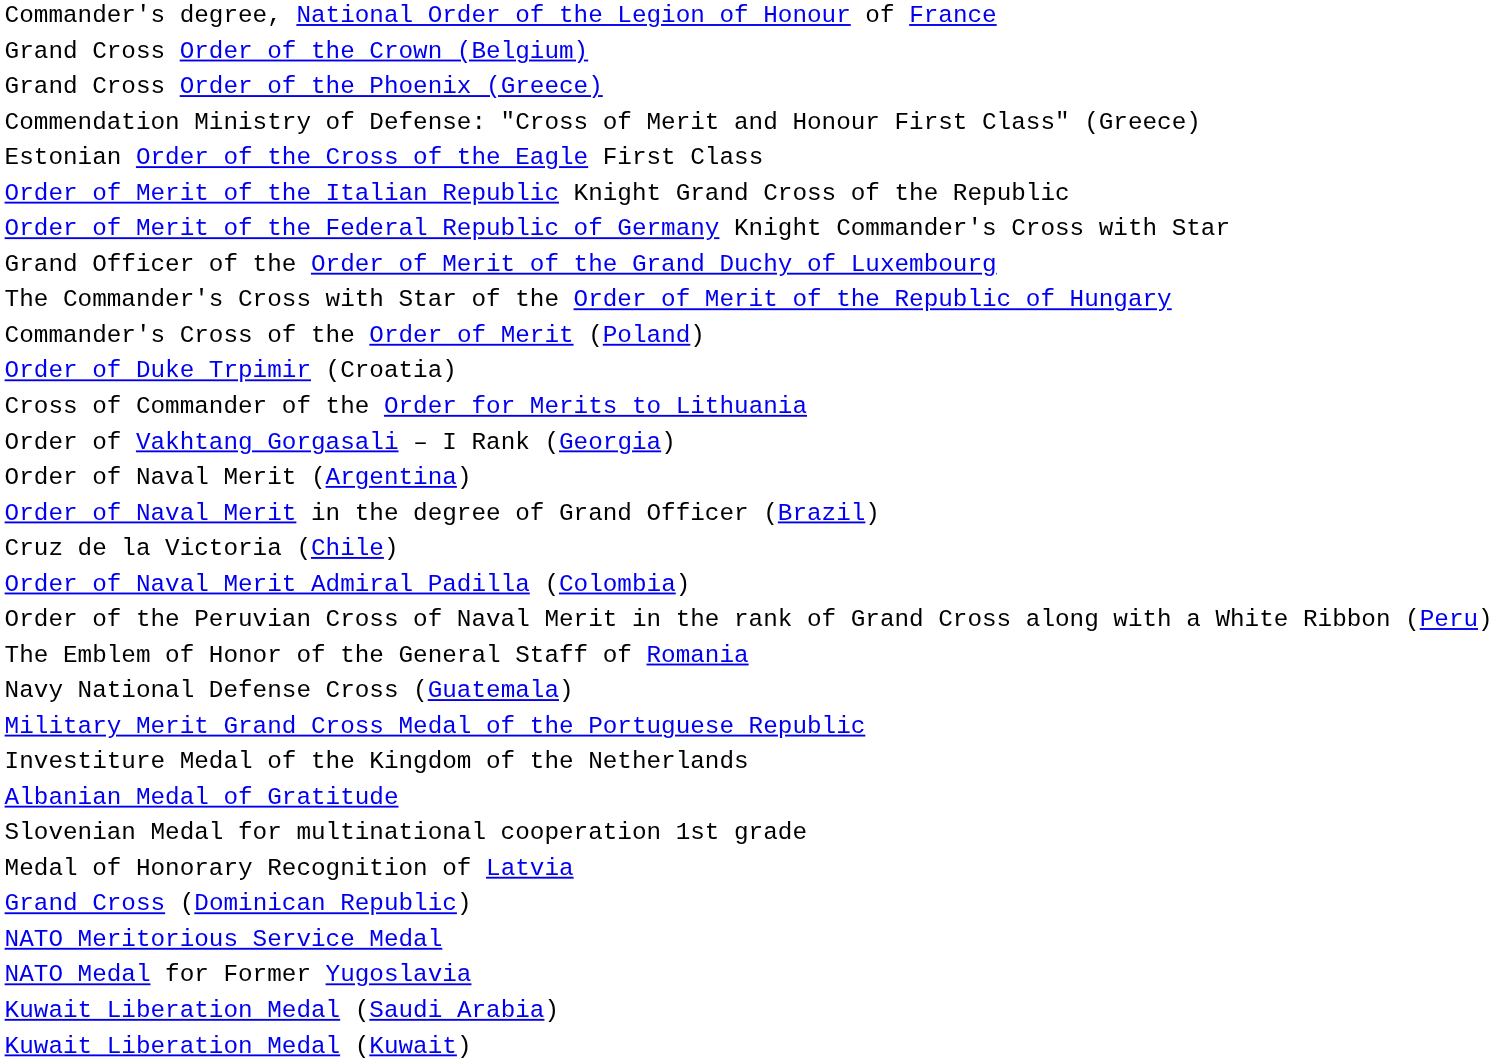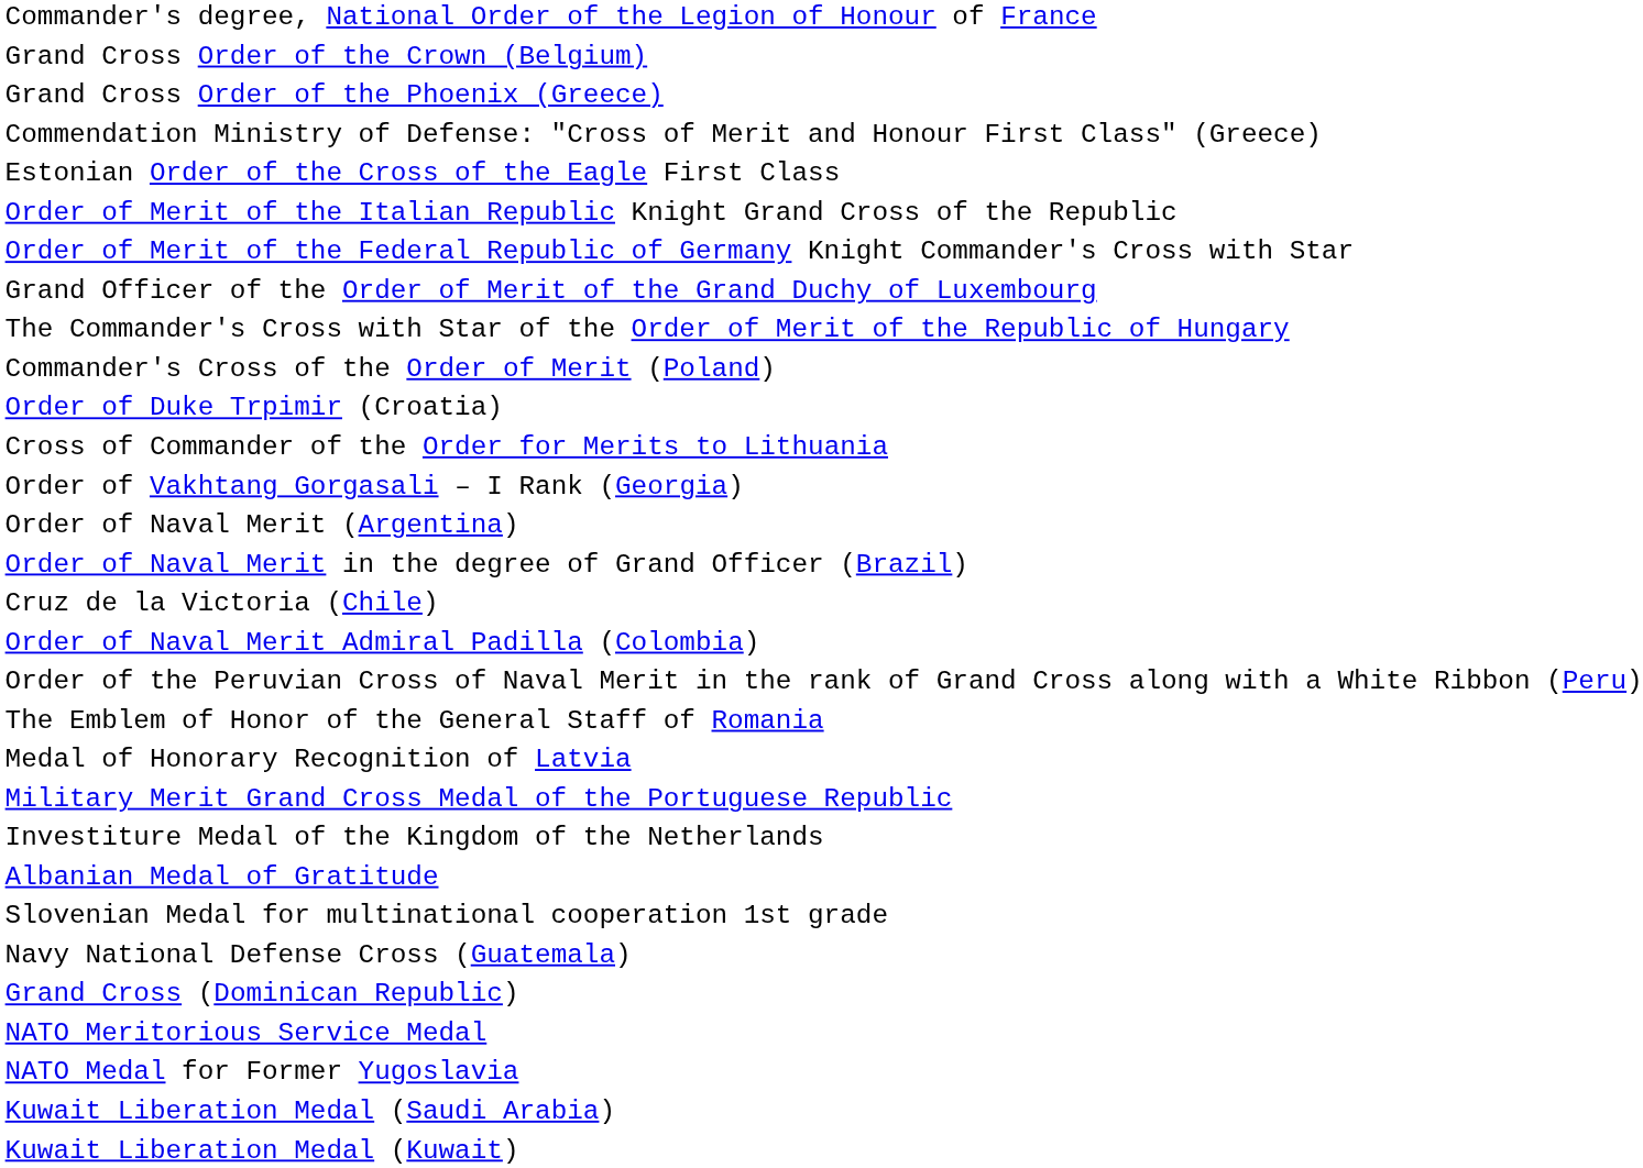 <table>
 <tr>
 <td> Commander's degree, <a href='#'>National Order of the Legion of Honour</a> of <a href='#'>France</a></td>
 </tr>
 <tr>
 <td> Grand Cross <a href='#'>Order of the Crown (Belgium)</a></td>
 </tr>
 <tr>
 <td> Grand Cross <a href='#'>Order of the Phoenix (Greece)</a></td>
 </tr>
 <tr>
 <td> Commendation Ministry of Defense: "Cross of Merit and Honour First Class" (Greece)</td>
 </tr>
 <tr>
 <td> Estonian <a href='#'>Order of the Cross of the Eagle</a> First Class</td>
 </tr>
 <tr>
 <td> <a href='#'>Order of Merit of the Italian Republic</a> Knight Grand Cross of the Republic</td>
 </tr>
 <tr>
 <td> <a href='#'>Order of Merit of the Federal Republic of Germany</a> Knight Commander's Cross with Star</td>
 </tr>
 <tr>
 <td> Grand Officer of the <a href='#'>Order of Merit of the Grand Duchy of Luxembourg</a></td>
 </tr>
 <tr>
 <td> The Commander's Cross with Star of the <a href='#'>Order of Merit of the Republic of Hungary</a></td>
 </tr>
 <tr>
 <td> Commander's Cross of the <a href='#'>Order of Merit</a> (<a href='#'>Poland</a>)</td>
 </tr>
 <tr>
 <td> <a href='#'>Order of Duke Trpimir</a> (Croatia)</td>
 </tr>
 <tr>
 <td> Cross of Commander of the <a href='#'>Order for Merits to Lithuania</a></td>
 </tr>
 <tr>
 <td> Order of <a href='#'>Vakhtang Gorgasali</a> – I Rank (<a href='#'>Georgia</a>)</td>
 </tr>
 <tr>
 <td> Order of Naval Merit (<a href='#'>Argentina</a>)</td>
 </tr>
 <tr>
 <td> <a href='#'>Order of Naval Merit</a> in the degree of Grand Officer (<a href='#'>Brazil</a>)</td>
 </tr>
 <tr>
 <td> Cruz de la Victoria (<a href='#'>Chile</a>)</td>
 </tr>
 <tr>
 <td> <a href='#'>Order of Naval Merit Admiral Padilla</a> (<a href='#'>Colombia</a>)</td>
 </tr>
 <tr>
 <td> Order of the Peruvian Cross of Naval Merit in the rank of Grand Cross along with a White Ribbon (<a href='#'>Peru</a>)</td>
 </tr>
 <tr>
 <td> The Emblem of Honor of the General Staff of <a href='#'>Romania</a></td>
 </tr>
 <tr>
-<td> Navy National Defense Cross (<a href='#'>Guatemala</a>)</td>
+<td> Medal of Honorary Recognition of <a href='#'>Latvia</a></td>
 </tr>
 <tr>
 <td> <a href='#'>Military Merit Grand Cross Medal of the Portuguese Republic</a></td>
 </tr>
 <tr>
 <td> Investiture Medal of the Kingdom of the Netherlands</td>
 </tr>
 <tr>
 <td> <a href='#'>Albanian Medal of Gratitude</a></td>
 </tr>
 <tr>
 <td> Slovenian Medal for multinational cooperation 1st grade</td>
 </tr>
 <tr>
-<td> Medal of Honorary Recognition of <a href='#'>Latvia</a></td>
+<td> Navy National Defense Cross (<a href='#'>Guatemala</a>)</td>
 </tr>
 <tr>
 <td> <a href='#'>Grand Cross</a> (<a href='#'>Dominican Republic</a>)</td>
 </tr>
 <tr>
 <td> <a href='#'>NATO Meritorious Service Medal</a></td>
 </tr>
 <tr>
 <td> <a href='#'>NATO Medal</a> for Former <a href='#'>Yugoslavia</a></td>
 </tr>
 <tr>
 <td> <a href='#'>Kuwait Liberation Medal</a> (<a href='#'>Saudi Arabia</a>)</td>
 </tr>
 <tr>
 <td> <a href='#'>Kuwait Liberation Medal</a> (<a href='#'>Kuwait</a>)</td>
 </tr>
 </table>
